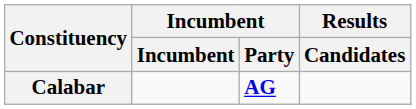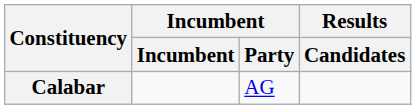 <table class="wikitable sortable">
 <tr>
 <th rowspan="2">Constituency</th>
 <th colspan="2">Incumbent</th>
 <th>Results</th>
 </tr>
 <tr valign="bottom">
 <th>Incumbent</th>
 <th>Party</th>
 <th>Candidates</th>
 </tr>
 <tr>
 <th>Calabar</th>
 <td></td>
-<td><strong><a href='#'>AG</a></strong></td>
+<td><a href='#'>AG</a></td>
 <td nowrap=""></td>
 </tr>
 </table>
